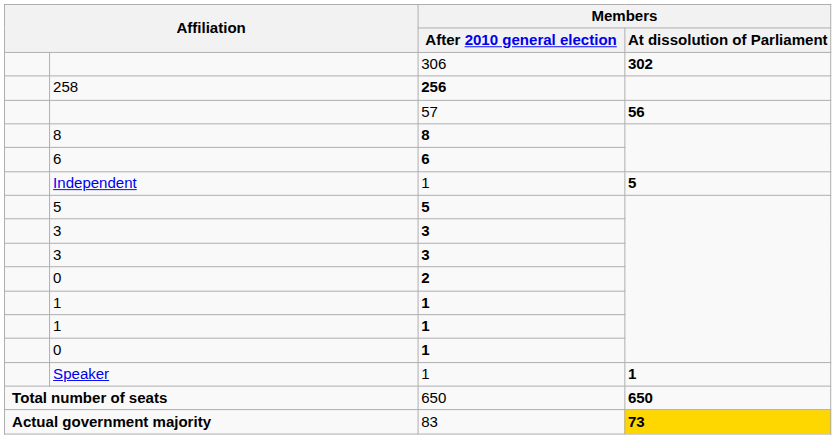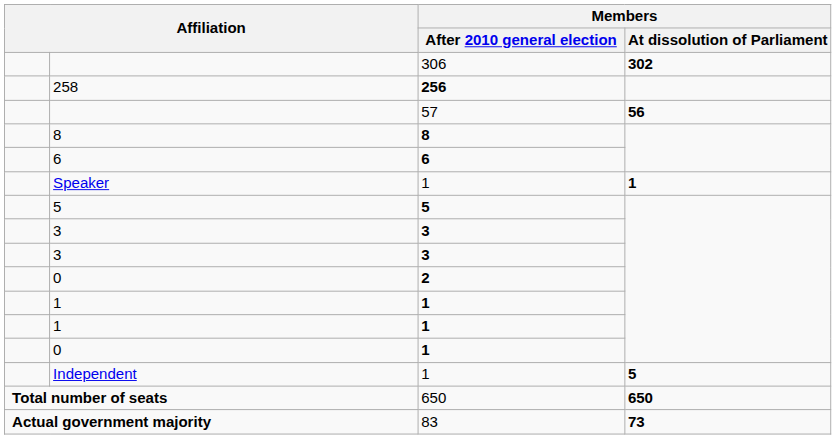 <table class="wikitable">
 <tr>
 <th width="50%" colspan="2" rowspan="2" style="vertical-align:middle;">Affiliation</th>
 <th width="50%" colspan="2" style="vertical-align:top;">Members</th>
 </tr>
 <tr>
 <th width="25%">After <a href='#'>2010 general election</a></th>
 <th width="25%">At dissolution of Parliament</th>
 </tr>
 <tr>
 <td style="width: 4px" bgcolor=></td>
 <td style="text-align: left;" scope="row"><strong><a href='#'></a></strong></td>
 <td>306</td>
 <td><strong>302</strong></td>
 </tr>
 <tr>
 <td></td>
 <td>258</td>
 <td><strong>256</strong></td>
 </tr>
 <tr>
 <td style="width: 4px" bgcolor=></td>
 <td style="text-align: left;" scope="row"><strong><a href='#'></a></strong></td>
 <td>57</td>
 <td><strong>56</strong></td>
 </tr>
 <tr>
 <td></td>
 <td>8</td>
 <td><strong>8</strong></td>
 </tr>
 <tr>
 <td></td>
 <td>6</td>
 <td><strong>6</strong></td>
 </tr>
 <tr>
 <td style="background-color:"> </td>
-<td><a href='#'>Independent</a> <br></td>
+<td><a href='#'>Speaker</a><br></td>
 <td>1</td>
-<td><strong>5</strong></td>
+<td><strong>1</strong></td>
 </tr>
 <tr>
 <td></td>
 <td>5</td>
 <td><strong>5</strong></td>
 </tr>
 <tr>
 <td></td>
 <td>3</td>
 <td><strong>3</strong></td>
 </tr>
 <tr>
 <td></td>
 <td>3</td>
 <td><strong>3</strong></td>
 </tr>
 <tr>
 <td></td>
 <td>0</td>
 <td><strong>2</strong></td>
 </tr>
 <tr>
 <td></td>
 <td>1</td>
 <td><strong>1</strong></td>
 </tr>
 <tr>
 <td></td>
 <td>1</td>
 <td><strong>1</strong></td>
 </tr>
 <tr>
 <td></td>
 <td>0</td>
 <td><strong>1</strong></td>
 </tr>
 <tr>
 <td style="background-color:"> </td>
-<td><a href='#'>Speaker</a><br></td>
+<td><a href='#'>Independent</a> <br></td>
 <td>1</td>
-<td><strong>1</strong></td>
+<td><strong>5</strong></td>
 </tr>
 <tr>
 <td colspan="2" rowspan="1"> <strong>Total number of seats</strong><br></td>
 <td>650</td>
 <td><strong>650</strong></td>
 </tr>
 <tr>
 <td colspan="2" rowspan="1"> <strong>Actual government majority</strong><br></td>
 <td>83</td>
-<td style="background: gold;"><strong>73</strong></td>
+<td><strong>73</strong></td>
 </tr>
 </table>
